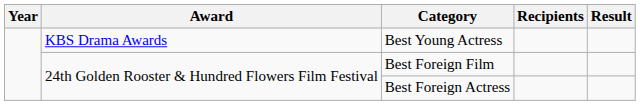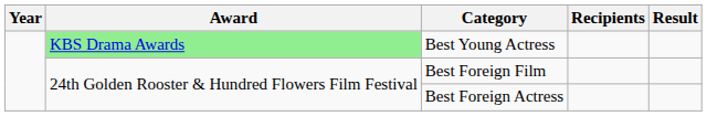 <table class="wikitable sortable">
 <tr>
 <th>Year</th>
 <th>Award</th>
 <th>Category</th>
 <th>Recipients</th>
 <th>Result</th>
 </tr>
 <tr>
 <td rowspan="3"></td>
-<td><a href='#'>KBS Drama Awards</a></td>
+<td style="background: lightgreen;"><a href='#'>KBS Drama Awards</a></td>
 <td>Best Young Actress</td>
 <td></td>
 <td></td>
 </tr>
 <tr>
 <td rowspan="2">24th Golden Rooster & Hundred Flowers Film Festival </td>
 <td>Best Foreign Film</td>
 <td></td>
 <td></td>
 </tr>
 <tr>
 <td>Best Foreign Actress</td>
 <td></td>
 <td></td>
 </tr>
 </table>
